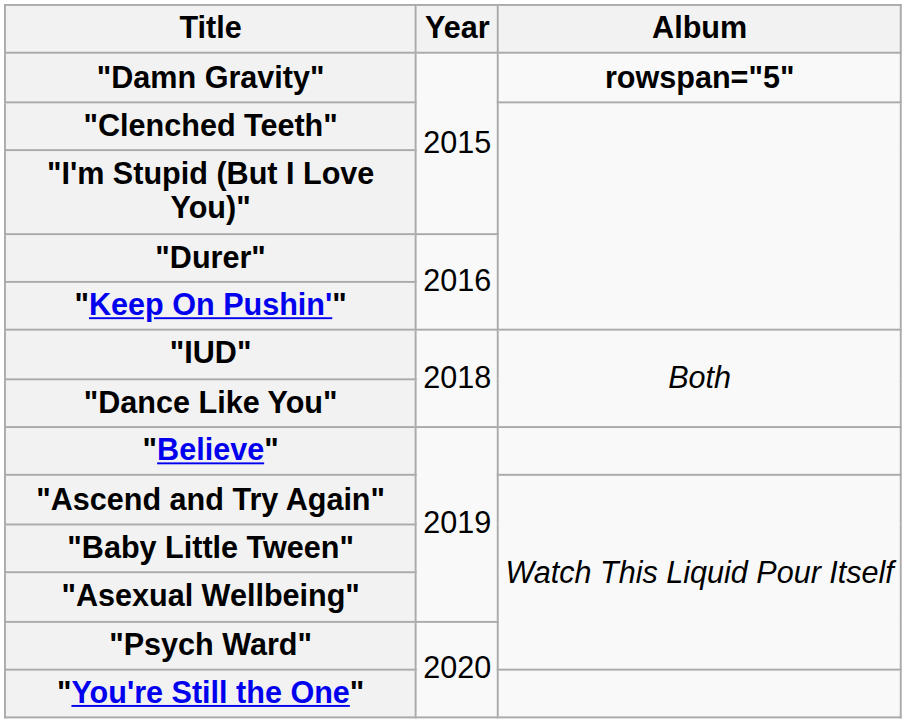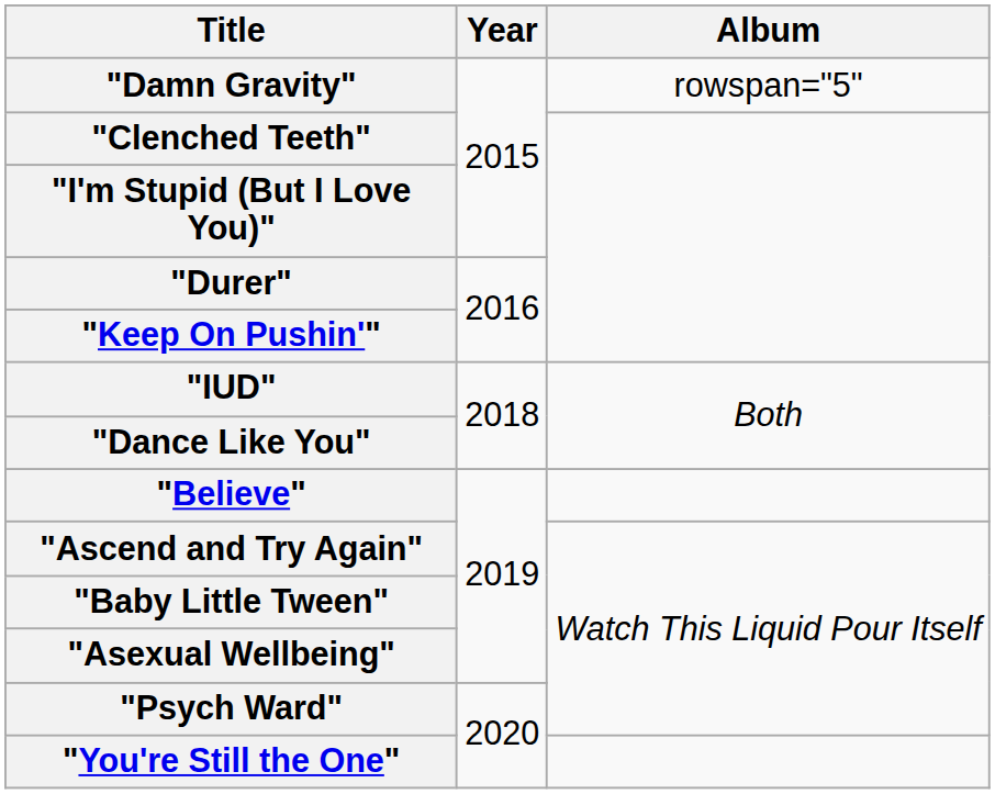 <table class="wikitable plainrowheaders" style="text-align:center;">
 <tr>
 <th scope="col" rowspan="1" style="width:13em;">Title</th>
 <th scope="col" rowspan="1">Year</th>
 <th scope="col" rowspan="1">Album</th>
 </tr>
 <tr>
 <th scope="row">"Damn Gravity"</th>
 <td rowspan="3">2015</td>
-<td><strong>rowspan="5" </strong></td>
+<td>rowspan="5" </td>
 </tr>
 <tr>
 <th scope="row">"Clenched Teeth"</th>
 </tr>
 <tr>
 <th scope="row">"I'm Stupid (But I Love You)"</th>
 </tr>
 <tr>
 <th scope="row">"Durer"</th>
 <td rowspan="2">2016</td>
 </tr>
 <tr>
 <th scope="row">"<a href='#'>Keep On Pushin'</a>"</th>
 </tr>
 <tr>
 <th scope="row">"IUD"</th>
 <td rowspan="2">2018</td>
 <td rowspan="2"><em>Both</em></td>
 </tr>
 <tr>
 <th scope="row">"Dance Like You"</th>
 </tr>
 <tr>
 <th scope="row">"<a href='#'>Believe</a>"</th>
 <td rowspan="4">2019</td>
 <td></td>
 </tr>
 <tr>
 <th scope="row">"Ascend and Try Again"</th>
 <td rowspan="4"><em>Watch This Liquid Pour Itself</em></td>
 </tr>
 <tr>
 <th scope="row">"Baby Little Tween"</th>
 </tr>
 <tr>
 <th scope="row">"Asexual Wellbeing"</th>
 </tr>
 <tr>
 <th scope="row">"Psych Ward"</th>
 <td rowspan="2">2020</td>
 </tr>
 <tr>
 <th scope="row">"<a href='#'>You're Still the One</a>"</th>
 <td></td>
 </tr>
 </table>
